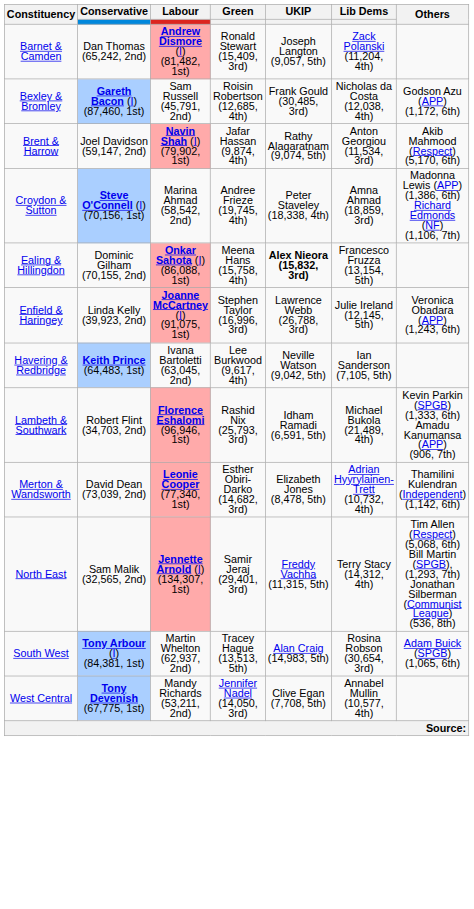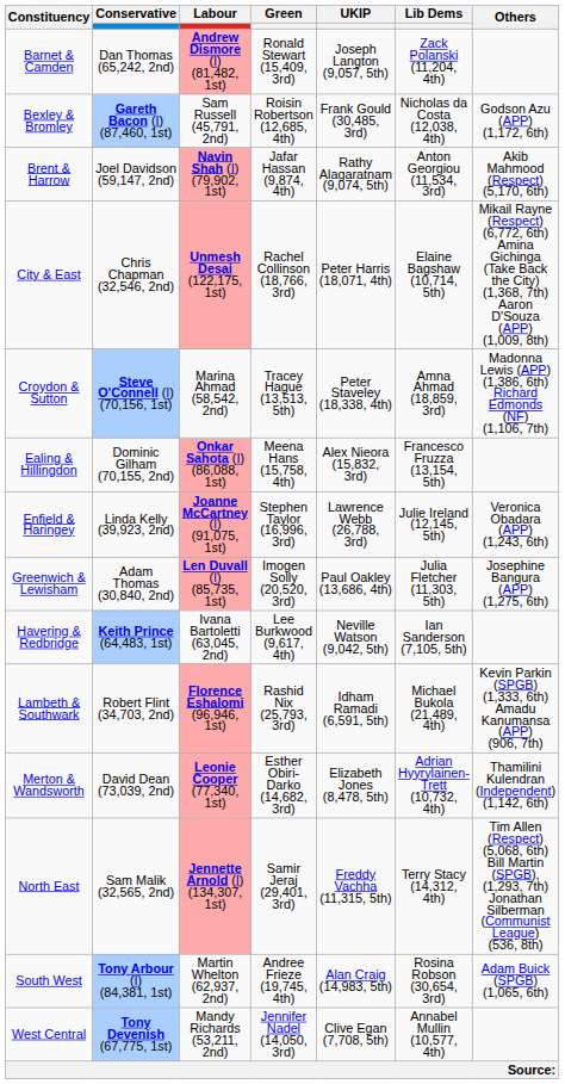 <table class="wikitable" style="text-align: center; line-height: 14px; font-size: 95%;">
 <tr>
 <th rowspan="2">Constituency</th>
 <th>Conservative</th>
 <th>Labour</th>
 <th>Green</th>
 <th>UKIP</th>
 <th>Lib Dems</th>
 <th rowspan="2">Others</th>
 </tr>
 <tr>
 <th style="background:#0087dc; color:white; width:80px;"></th>
 <th style="background:#dc241f; color:white; width:80px;"></th>
 <th style="background:"></th>
 <th style="background:"></th>
 <th style="background:"></th>
 </tr>
 <tr>
 <td><a href='#'>Barnet & Camden</a></td>
 <td>Dan Thomas<br>(65,242, 2nd)</td>
 <td style="background:#faa;"><strong><a href='#'>Andrew Dismore</a></strong> (<a href='#'>I</a>)<br>(81,482, 1st)</td>
 <td>Ronald Stewart<br>(15,409, 3rd)</td>
 <td>Joseph Langton<br>(9,057, 5th)</td>
 <td><a href='#'>Zack Polanski</a><br>(11,204, 4th)</td>
 <td></td>
 </tr>
 <tr>
 <td><a href='#'>Bexley & Bromley</a></td>
 <td style="background:#aacfff"><strong><a href='#'>Gareth Bacon</a></strong> (<a href='#'>I</a>)<br>(87,460, 1st)</td>
 <td>Sam Russell<br>(45,791, 2nd)</td>
 <td>Roisin Robertson<br>(12,685, 4th)</td>
 <td>Frank Gould<br>(30,485, 3rd)</td>
 <td>Nicholas da Costa<br>(12,038, 4th)</td>
 <td>Godson Azu (<a href='#'>APP</a>)<br>(1,172, 6th)</td>
 </tr>
 <tr>
 <td><a href='#'>Brent & Harrow</a></td>
 <td>Joel Davidson<br>(59,147, 2nd)</td>
 <td style="background:#faa;"><strong><a href='#'>Navin Shah</a></strong> (<a href='#'>I</a>)<br>(79,902, 1st)</td>
 <td>Jafar Hassan<br>(9,874, 4th)</td>
 <td>Rathy Alagaratnam<br>(9,074, 5th)</td>
 <td>Anton Georgiou<br>(11,534, 3rd)</td>
 <td>Akib Mahmood (<a href='#'>Respect</a>)<br>(5,170, 6th)</td>
 </tr>
 <tr>
+<td><a href='#'>City & East</a></td>
+<td>Chris Chapman<br>(32,546, 2nd)</td>
+<td style="background:#faa;"><strong><a href='#'>Unmesh Desai</a></strong><br>(122,175, 1st)</td>
+<td>Rachel Collinson<br>(18,766, 3rd)</td>
+<td>Peter Harris<br>(18,071, 4th)</td>
+<td>Elaine Bagshaw<br>(10,714, 5th)</td>
+<td>Mikail Rayne (<a href='#'>Respect</a>)<br>(6,772, 6th)<br>Amina Gichinga (Take Back the City)<br>(1,368, 7th)<br>Aaron D'Souza (<a href='#'>APP</a>)<br>(1,009, 8th)</td>
+</tr>
+<tr>
 <td><a href='#'>Croydon & Sutton</a></td>
 <td style="background:#aacfff"><strong><a href='#'>Steve O'Connell</a></strong> (<a href='#'>I</a>)<br>(70,156, 1st)</td>
 <td>Marina Ahmad<br>(58,542, 2nd)</td>
-<td>Andree Frieze<br>(19,745, 4th)</td>
+<td>Tracey Hague<br>(13,513, 5th)</td>
 <td>Peter Staveley<br>(18,338, 4th)</td>
 <td>Amna Ahmad<br>(18,859, 3rd)</td>
 <td>Madonna Lewis (<a href='#'>APP</a>)<br>(1,386, 6th)<br><a href='#'>Richard Edmonds</a> (<a href='#'>NF</a>)<br>(1,106, 7th)</td>
 </tr>
 <tr>
 <td><a href='#'>Ealing & Hillingdon</a></td>
 <td>Dominic Gilham<br>(70,155, 2nd)</td>
 <td style="background:#faa;"><strong><a href='#'>Onkar Sahota</a></strong> (<a href='#'>I</a>)<br>(86,088, 1st)</td>
 <td>Meena Hans<br>(15,758, 4th)</td>
-<td><strong>Alex Nieora<br>(15,832, 3rd)</strong></td>
+<td>Alex Nieora<br>(15,832, 3rd)</td>
 <td>Francesco Fruzza<br>(13,154, 5th)</td>
 <td></td>
 </tr>
 <tr>
 <td><a href='#'>Enfield & Haringey</a></td>
 <td>Linda Kelly<br>(39,923, 2nd)</td>
 <td style="background:#faa;"><strong><a href='#'>Joanne McCartney</a></strong> (<a href='#'>I</a>)<br>(91,075, 1st)</td>
 <td>Stephen Taylor<br>(16,996, 3rd)</td>
 <td>Lawrence Webb<br>(26,788, 3rd)</td>
 <td>Julie Ireland<br>(12,145, 5th)</td>
 <td>Veronica Obadara (<a href='#'>APP</a>)<br>(1,243, 6th)</td>
+</tr>
+<tr>
+<td><a href='#'>Greenwich & Lewisham</a></td>
+<td>Adam Thomas<br>(30,840, 2nd)</td>
+<td style="background:#faa;"><strong><a href='#'>Len Duvall</a></strong> (<a href='#'>I</a>)<br>(85,735, 1st)</td>
+<td>Imogen Solly<br>(20,520, 3rd)</td>
+<td>Paul Oakley<br>(13,686, 4th)</td>
+<td>Julia Fletcher<br>(11,303, 5th)</td>
+<td>Josephine Bangura (<a href='#'>APP</a>)<br>(1,275, 6th)</td>
 </tr>
 <tr>
 <td><a href='#'>Havering & Redbridge</a></td>
 <td style="background:#aacfff"><strong><a href='#'>Keith Prince</a></strong><br>(64,483, 1st)</td>
 <td>Ivana Bartoletti<br>(63,045, 2nd)</td>
 <td>Lee Burkwood<br>(9,617, 4th)</td>
 <td>Neville Watson<br>(9,042, 5th)</td>
 <td>Ian Sanderson<br>(7,105, 5th)</td>
 <td></td>
 </tr>
 <tr>
 <td><a href='#'>Lambeth & Southwark</a></td>
 <td>Robert Flint<br>(34,703, 2nd)</td>
 <td style="background:#faa;"><strong><a href='#'>Florence Eshalomi</a></strong><br>(96,946, 1st)</td>
 <td>Rashid Nix<br>(25,793, 3rd)</td>
 <td>Idham Ramadi<br>(6,591, 5th)</td>
 <td>Michael Bukola<br>(21,489, 4th)</td>
 <td>Kevin Parkin (<a href='#'>SPGB</a>)<br>(1,333, 6th)<br>Amadu Kanumansa (<a href='#'>APP</a>)<br>(906, 7th)</td>
 </tr>
 <tr>
 <td><a href='#'>Merton & Wandsworth</a></td>
 <td>David Dean<br>(73,039, 2nd)</td>
 <td style="background:#faa;"><strong><a href='#'>Leonie Cooper</a></strong><br>(77,340, 1st)</td>
 <td>Esther Obiri-Darko<br>(14,682, 3rd)</td>
 <td>Elizabeth Jones<br>(8,478, 5th)</td>
 <td><a href='#'>Adrian Hyyrylainen-Trett</a><br>(10,732, 4th)</td>
 <td>Thamilini Kulendran (<a href='#'>Independent</a>)<br>(1,142, 6th)</td>
 </tr>
 <tr>
 <td><a href='#'>North East</a></td>
 <td>Sam Malik<br>(32,565, 2nd)</td>
 <td style="background:#faa;"><strong><a href='#'>Jennette Arnold</a></strong> (<a href='#'>I</a>)<br>(134,307, 1st)</td>
 <td>Samir Jeraj<br>(29,401, 3rd)</td>
 <td><a href='#'>Freddy Vachha</a><br>(11,315, 5th)</td>
 <td>Terry Stacy<br>(14,312, 4th)</td>
 <td>Tim Allen (<a href='#'>Respect</a>)<br>(5,068, 6th)<br>Bill Martin (<a href='#'>SPGB</a>),<br>(1,293, 7th)<br>Jonathan Silberman (<a href='#'>Communist League</a>)<br>(536, 8th)</td>
 </tr>
 <tr>
 <td><a href='#'>South West</a></td>
 <td style="background:#aacfff"><strong><a href='#'>Tony Arbour</a></strong> (<a href='#'>I</a>)<br>(84,381, 1st)</td>
 <td>Martin Whelton<br>(62,937, 2nd)</td>
-<td>Tracey Hague<br>(13,513, 5th)</td>
+<td>Andree Frieze<br>(19,745, 4th)</td>
 <td><a href='#'>Alan Craig</a><br>(14,983, 5th)</td>
 <td>Rosina Robson<br>(30,654, 3rd)</td>
 <td><a href='#'>Adam Buick</a> (<a href='#'>SPGB</a>)<br>(1,065, 6th)</td>
 </tr>
 <tr>
 <td><a href='#'>West Central</a></td>
 <td style="background:#aacfff"><strong><a href='#'>Tony Devenish</a></strong><br>(67,775, 1st)</td>
 <td>Mandy Richards<br>(53,211, 2nd)</td>
 <td><a href='#'>Jennifer Nadel</a><br>(14,050, 3rd)</td>
 <td>Clive Egan<br>(7,708, 5th)</td>
 <td>Annabel Mullin<br>(10,577, 4th)</td>
 <td></td>
 </tr>
 <tr>
 <th colspan="7" style="text-align: right;">Source: </th>
 </tr>
 </table>
